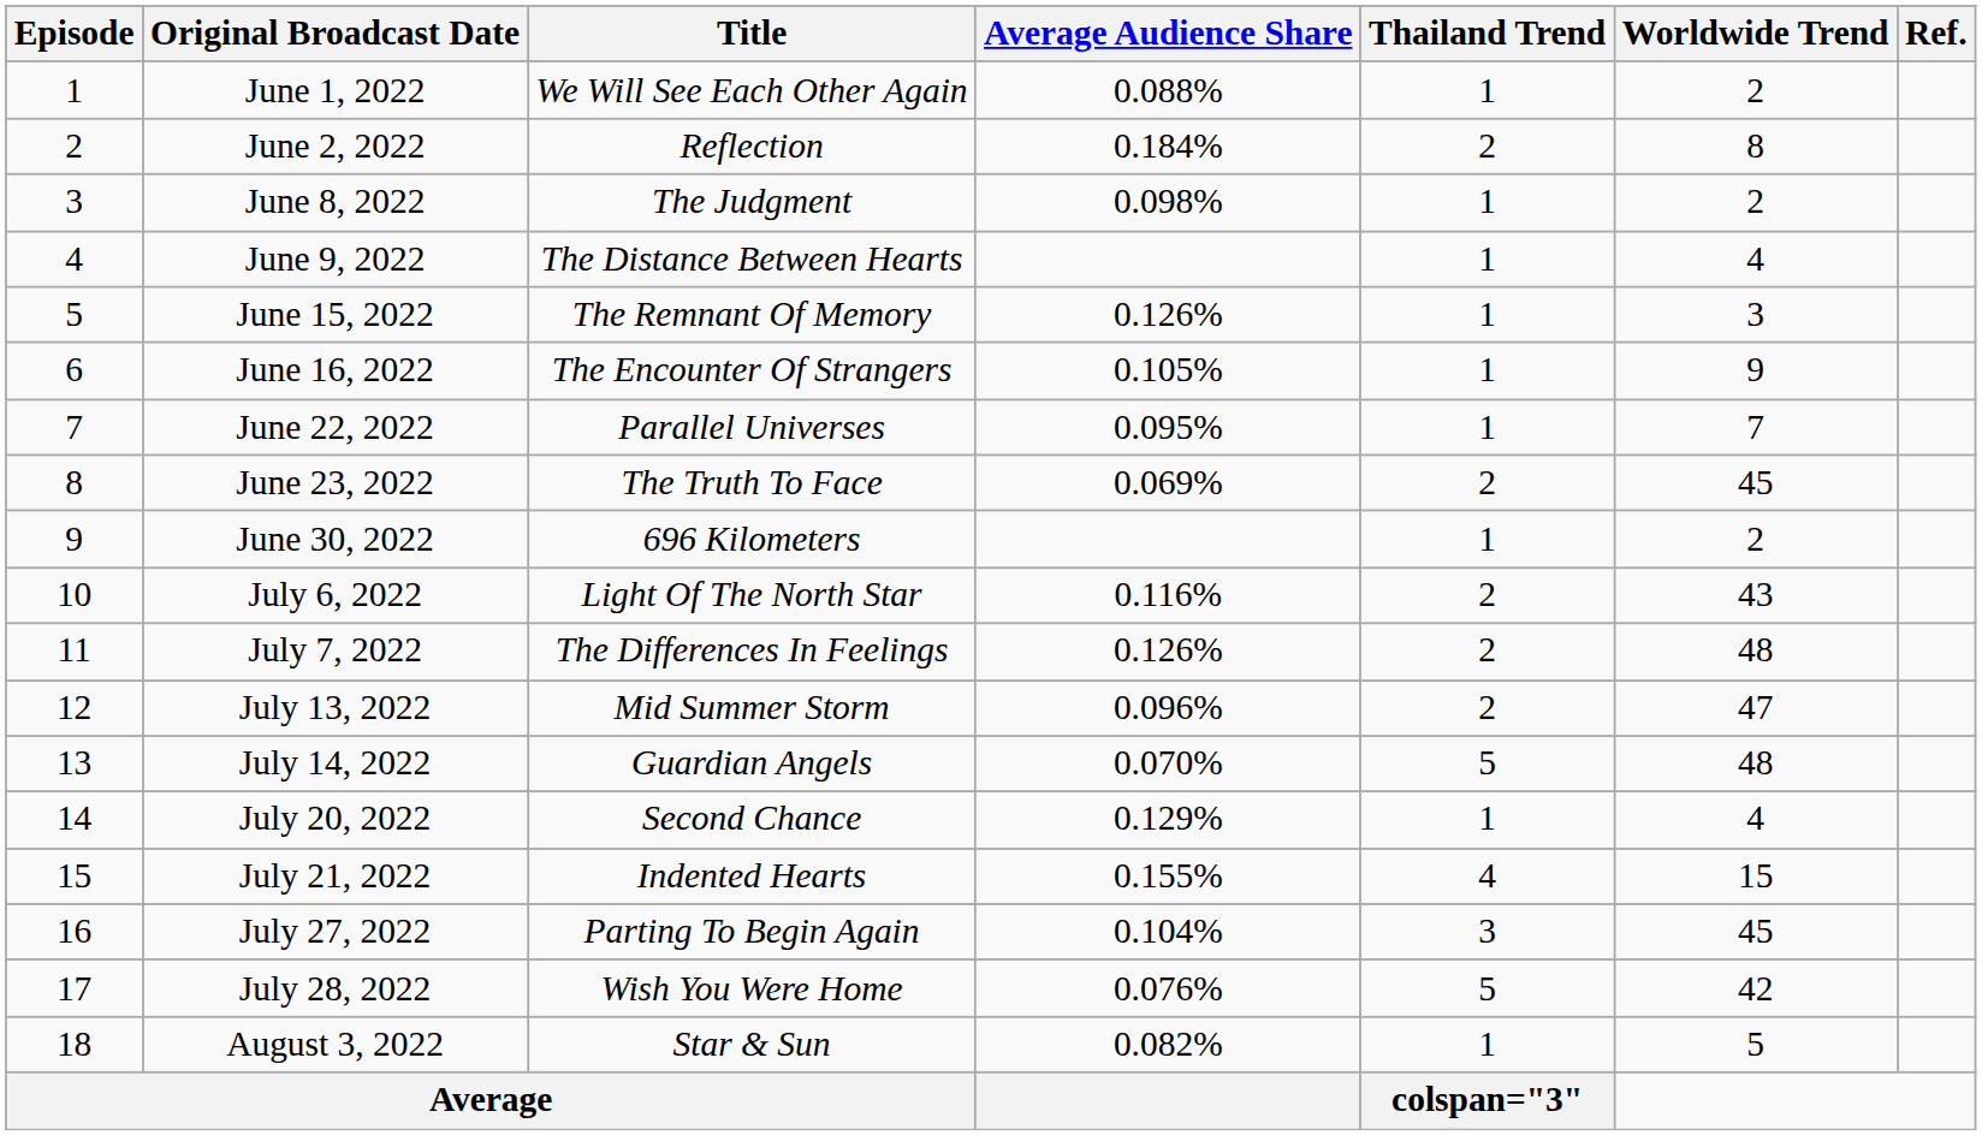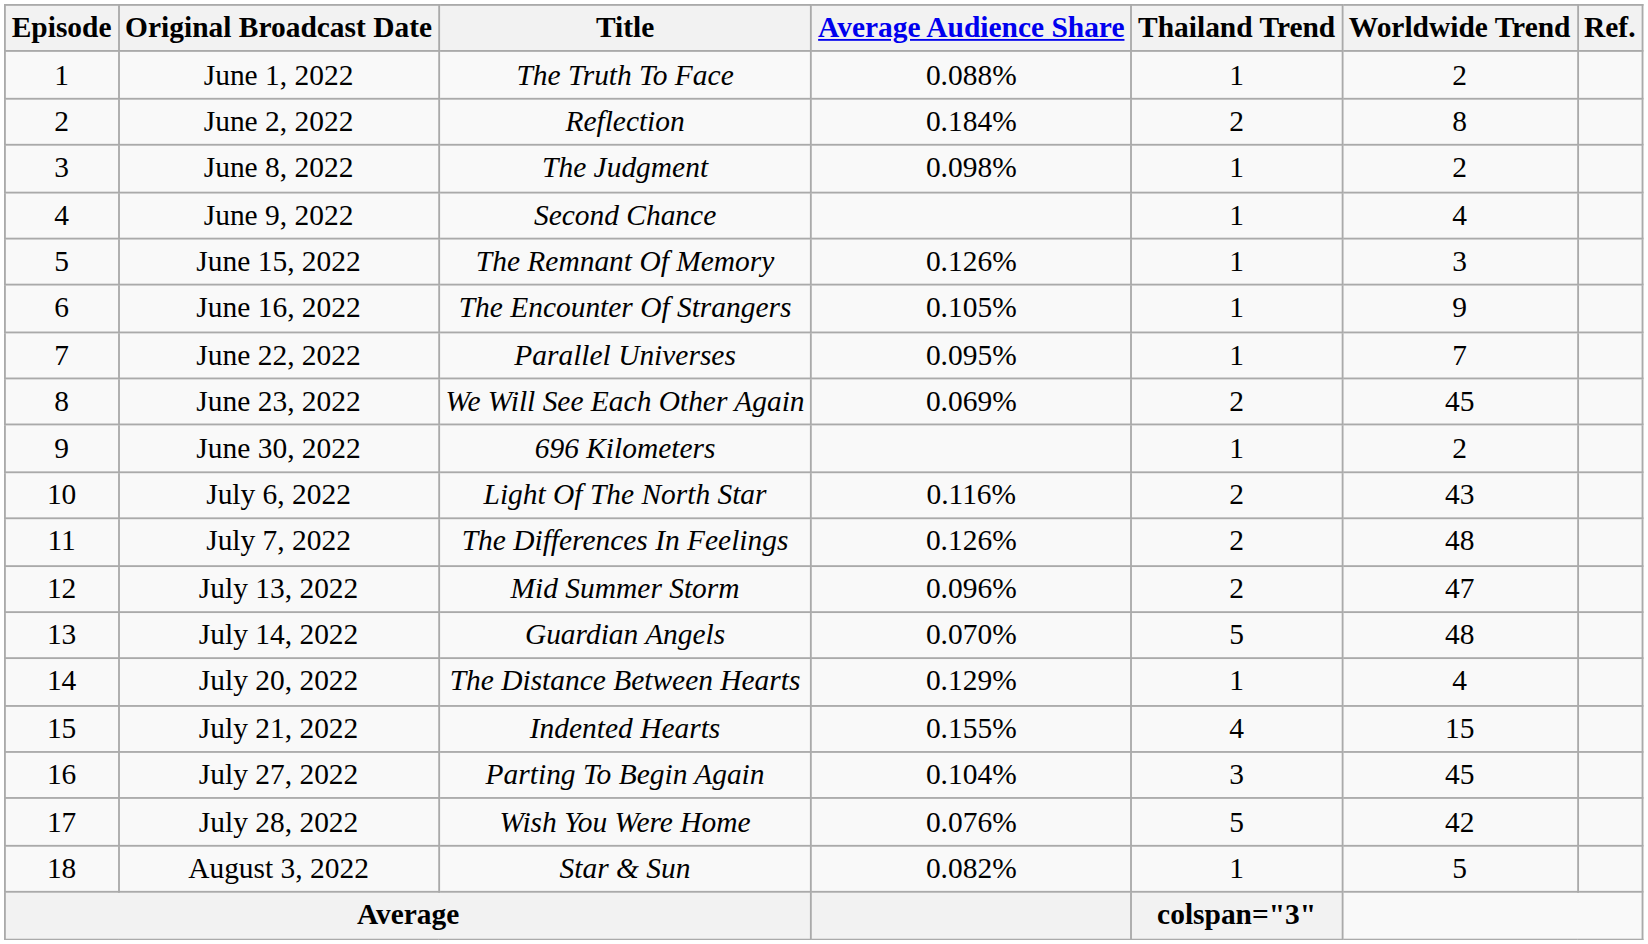 <table class="wikitable">
 <tr>
 <th style="text-align: center;">Episode</th>
 <th style="text-align: center;">Original Broadcast Date</th>
 <th style="text-align: center;">Title</th>
 <th style="text-align: center;"><a href='#'>Average Audience Share</a></th>
 <th>Thailand Trend</th>
 <th>Worldwide Trend</th>
 <th>Ref.</th>
 </tr>
 <tr>
 <td style="text-align: center;">1</td>
 <td style="text-align: center;">June 1, 2022</td>
-<td align="center"><em>We Will See Each Other Again</em></td>
+<td align="center"><em>The Truth To Face</em></td>
 <td style="text-align: center;">0.088%</td>
 <td style="text-align: center;">1</td>
 <td style="text-align: center;">2</td>
 <td align="center"></td>
 </tr>
 <tr>
 <td style="text-align: center;">2</td>
 <td style="text-align: center;">June 2, 2022</td>
 <td align="center"><em>Reflection</em></td>
 <td style="text-align: center;">0.184%</td>
 <td style="text-align: center;">2</td>
 <td style="text-align: center;">8</td>
 <td align="center"></td>
 </tr>
 <tr>
 <td style="text-align: center;">3</td>
 <td style="text-align: center;">June 8, 2022</td>
 <td align="center"><em>The Judgment</em></td>
 <td style="text-align: center;">0.098%</td>
 <td style="text-align: center;">1</td>
 <td style="text-align: center;">2</td>
 <td align="center"></td>
 </tr>
 <tr>
 <td style="text-align: center;">4</td>
 <td style="text-align: center;">June 9, 2022</td>
-<td align="center"><em>The Distance Between Hearts</em></td>
+<td align="center"><em>Second Chance</em></td>
 <td style="text-align: center;"></td>
 <td style="text-align: center;">1</td>
 <td style="text-align: center;">4</td>
 <td align="center"></td>
 </tr>
 <tr>
 <td style="text-align: center;">5</td>
 <td style="text-align: center;">June 15, 2022</td>
 <td align="center"><em>The Remnant Of Memory</em></td>
 <td style="text-align: center;">0.126%</td>
 <td style="text-align: center;">1</td>
 <td style="text-align: center;">3</td>
 <td align="center"></td>
 </tr>
 <tr>
 <td style="text-align: center;">6</td>
 <td style="text-align: center;">June 16, 2022</td>
 <td align="center"><em>The Encounter Of Strangers</em></td>
 <td style="text-align: center;">0.105%</td>
 <td style="text-align: center;">1</td>
 <td style="text-align: center;">9</td>
 <td align="center"></td>
 </tr>
 <tr>
 <td style="text-align: center;">7</td>
 <td style="text-align: center;">June 22, 2022</td>
 <td align="center"><em>Parallel Universes</em></td>
 <td style="text-align: center;">0.095%</td>
 <td style="text-align: center;">1</td>
 <td style="text-align: center;">7</td>
 <td align="center"></td>
 </tr>
 <tr>
 <td style="text-align: center;">8</td>
 <td style="text-align: center;">June 23, 2022</td>
-<td align="center"><em>The Truth To Face</em></td>
+<td align="center"><em>We Will See Each Other Again</em></td>
 <td style="text-align: center;">0.069%</td>
 <td style="text-align: center;">2</td>
 <td style="text-align: center;">45</td>
 <td align="center"></td>
 </tr>
 <tr>
 <td style="text-align: center;">9</td>
 <td style="text-align: center;">June 30, 2022</td>
 <td align="center"><em>696 Kilometers</em></td>
 <td style="text-align: center;"><strong></strong></td>
 <td style="text-align: center;">1</td>
 <td style="text-align: center;">2</td>
 <td align="center"></td>
 </tr>
 <tr>
 <td style="text-align: center;">10</td>
 <td style="text-align: center;">July 6, 2022</td>
 <td align="center"><em>Light Of The North Star</em></td>
 <td style="text-align: center;">0.116%</td>
 <td style="text-align: center;">2</td>
 <td style="text-align: center;">43</td>
 <td align="center"></td>
 </tr>
 <tr>
 <td style="text-align: center;">11</td>
 <td style="text-align: center;">July 7, 2022</td>
 <td align="center"><em>The Differences In Feelings</em></td>
 <td style="text-align: center;">0.126%</td>
 <td style="text-align: center;">2</td>
 <td style="text-align: center;">48</td>
 <td align="center"></td>
 </tr>
 <tr>
 <td style="text-align: center;">12</td>
 <td style="text-align: center;">July 13, 2022</td>
 <td align="center"><em>Mid Summer Storm </em></td>
 <td style="text-align: center;">0.096%</td>
 <td style="text-align: center;">2</td>
 <td style="text-align: center;">47</td>
 <td align="center"></td>
 </tr>
 <tr>
 <td style="text-align: center;">13</td>
 <td style="text-align: center;">July 14, 2022</td>
 <td align="center"><em>Guardian Angels</em></td>
 <td style="text-align: center;">0.070%</td>
 <td style="text-align: center;">5</td>
 <td style="text-align: center;">48</td>
 <td align="center"></td>
 </tr>
 <tr>
 <td style="text-align: center;">14</td>
 <td style="text-align: center;">July 20, 2022</td>
-<td align="center"><em>Second Chance</em></td>
+<td align="center"><em>The Distance Between Hearts</em></td>
 <td style="text-align: center;">0.129%</td>
 <td style="text-align: center;">1</td>
 <td style="text-align: center;">4</td>
 <td align="center"></td>
 </tr>
 <tr>
 <td style="text-align: center;">15</td>
 <td style="text-align: center;">July 21, 2022</td>
 <td align="center"><em>Indented Hearts</em></td>
 <td style="text-align: center;">0.155%</td>
 <td style="text-align: center;">4</td>
 <td style="text-align: center;">15</td>
 <td align="center"></td>
 </tr>
 <tr>
 <td style="text-align: center;">16</td>
 <td style="text-align: center;">July 27, 2022</td>
 <td align="center"><em>Parting To Begin Again</em></td>
 <td style="text-align: center;">0.104%</td>
 <td style="text-align: center;">3</td>
 <td style="text-align: center;">45</td>
 <td align="center"></td>
 </tr>
 <tr>
 <td style="text-align: center;">17</td>
 <td style="text-align: center;">July 28, 2022</td>
 <td align="center"><em>Wish You Were Home</em></td>
 <td style="text-align: center;">0.076%</td>
 <td style="text-align: center;">5</td>
 <td style="text-align: center;">42</td>
 <td align="center"></td>
 </tr>
 <tr>
 <td style="text-align: center;">18</td>
 <td style="text-align: center;">August 3, 2022</td>
 <td align="center"><em>Star & Sun</em></td>
 <td style="text-align: center;">0.082%</td>
 <td style="text-align: center;">1</td>
 <td style="text-align: center;">5</td>
 <td align="center"></td>
 </tr>
 <tr>
 <th colspan="3" style="text-align: center;">Average</th>
 <th colspan="1"><br></th>
 <th>colspan="3"</th>
 </tr>
 </table>
